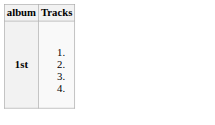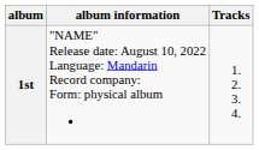 <table class="wikitable">
 <tr>
 <th>album</th>
+<th>album information</th>
 <th>Tracks</th>
 </tr>
 <tr>
 <th>1st</th>
+<td>"NAME"<br>Release date: August 10, 2022<br>Language: <a href='#'>Mandarin</a><br>Record company:<br>Form: physical album<ul><li></li></ul></td>
 <td><br><ol><li></li><li></li><li></li><li></li></ol></td>
 </tr>
 </table>
